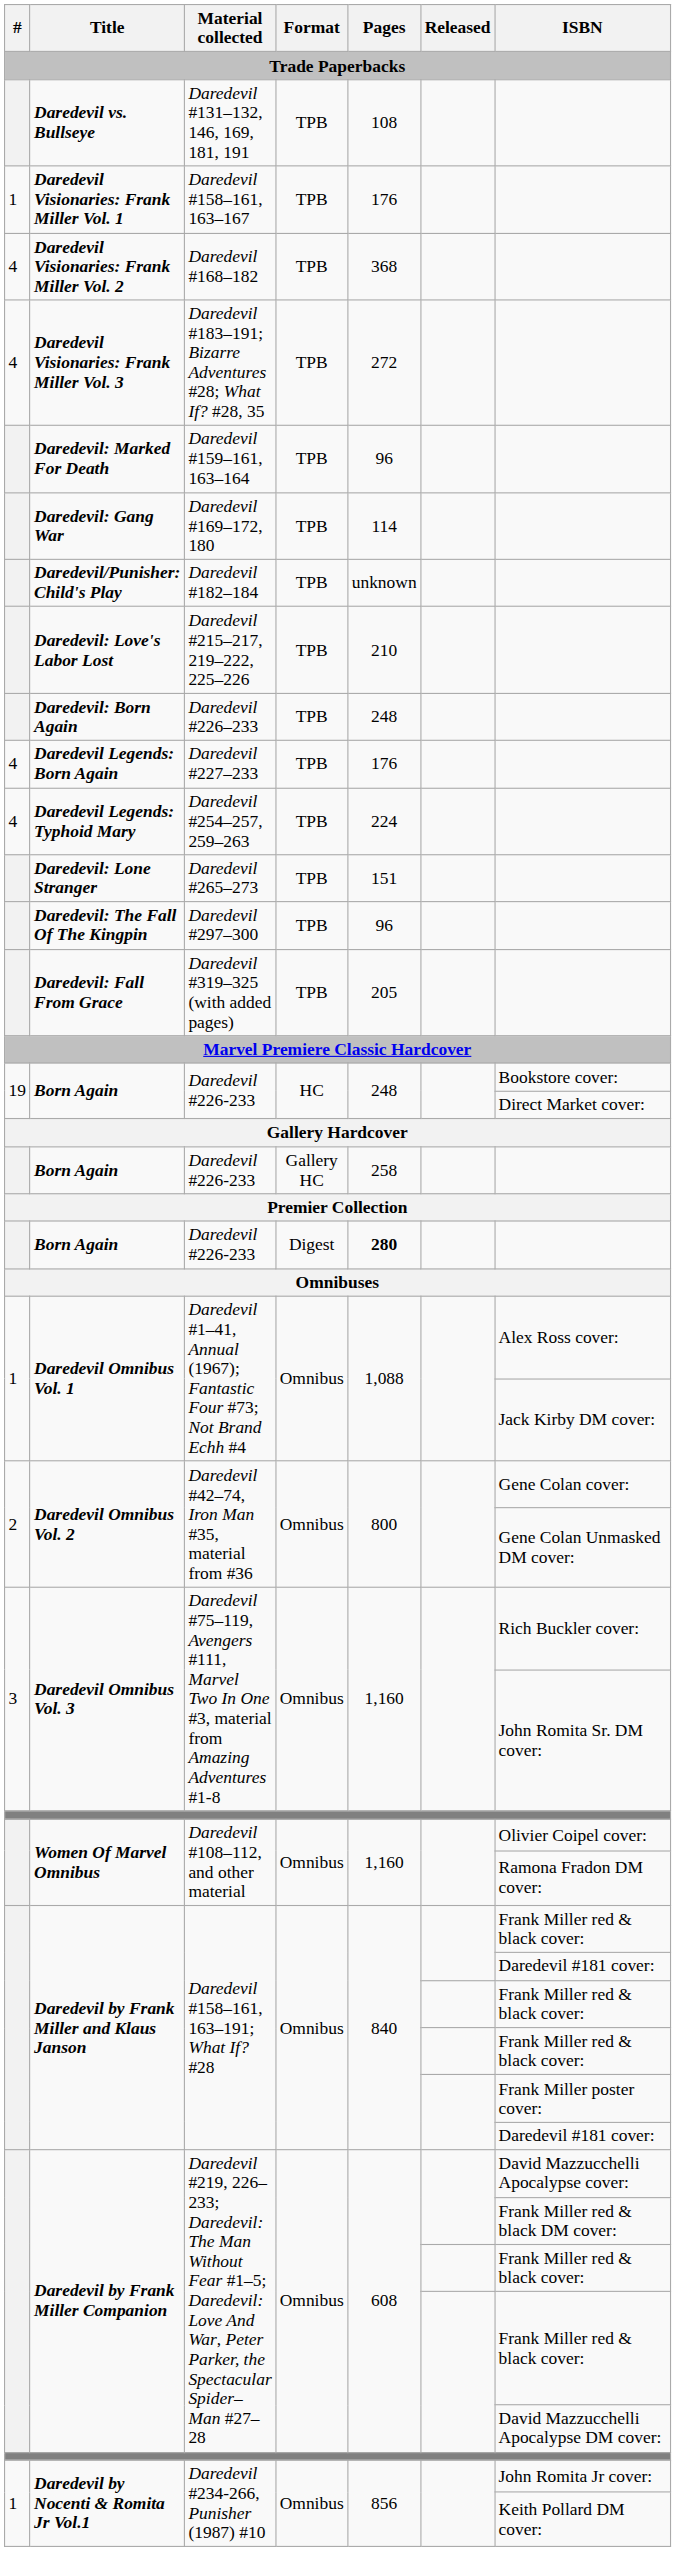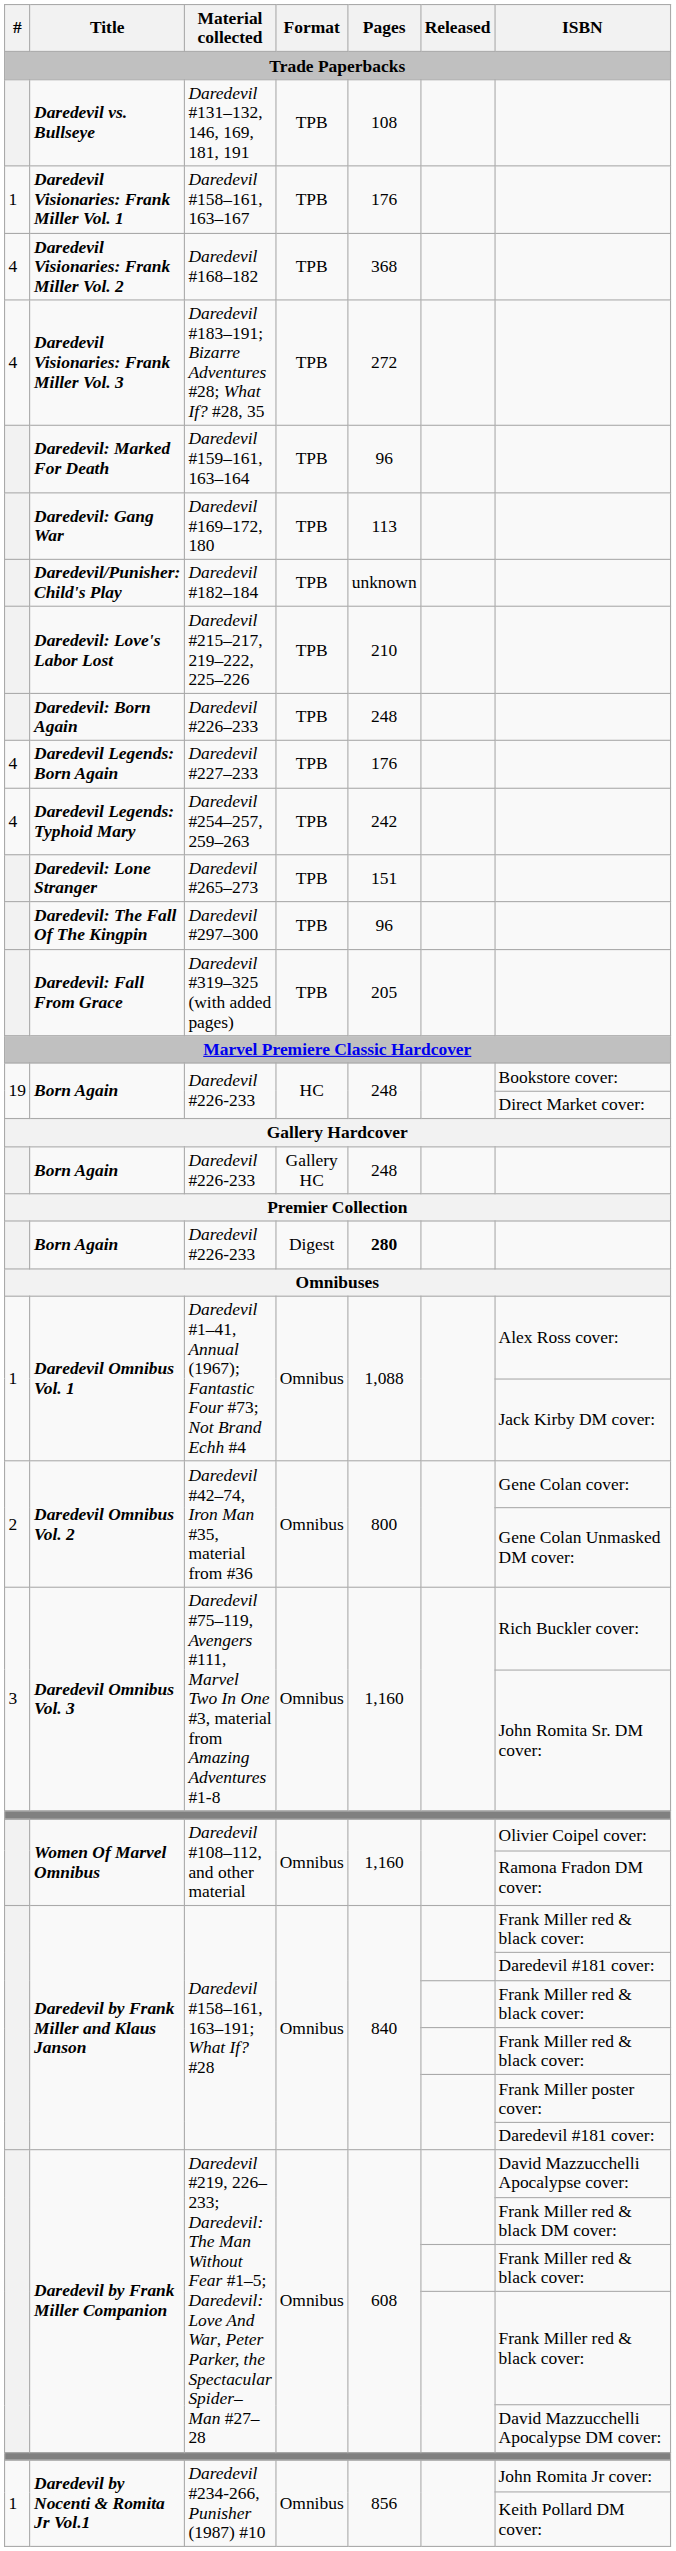 <table class="wikitable sortable" width=98%>
 <tr>
 <th width="4px">#</th>
 <th>Title</th>
 <th>Material collected</th>
 <th class="unsortable">Format</th>
 <th>Pages</th>
 <th>Released</th>
 <th class="unsortable" style="width: 10em;">ISBN</th>
 </tr>
 <tr>
 <th colspan=7 style="background-color: silver;">Trade Paperbacks</th>
 </tr>
 <tr>
 <th style="background-color: light grey;"></th>
 <td><strong><em>Daredevil vs. Bullseye</em></strong></td>
 <td><em>Daredevil</em> #131–132, 146, 169, 181, 191</td>
 <td style="text-align: center;">TPB</td>
 <td style="text-align: center;">108</td>
 <td></td>
 <td></td>
 </tr>
 <tr>
 <td>1</td>
 <td><strong><em>Daredevil Visionaries: Frank Miller Vol. 1</em></strong></td>
 <td><em>Daredevil</em> #158–161, 163–167</td>
 <td style="text-align: center;">TPB</td>
 <td style="text-align: center;">176</td>
 <td></td>
 <td></td>
 </tr>
 <tr>
 <td>4</td>
 <td><strong><em>Daredevil Visionaries: Frank Miller Vol. 2</em></strong></td>
 <td><em>Daredevil</em> #168–182</td>
 <td style="text-align: center;">TPB</td>
 <td style="text-align: center;">368</td>
 <td></td>
 <td></td>
 </tr>
 <tr>
 <td>4</td>
 <td><strong><em>Daredevil Visionaries: Frank Miller Vol. 3</em></strong></td>
 <td><em>Daredevil</em> #183–191; <em>Bizarre Adventures</em> #28; <em>What If?</em> #28, 35</td>
 <td style="text-align: center;">TPB</td>
 <td style="text-align: center;">272</td>
 <td></td>
 <td></td>
 </tr>
 <tr>
 <th style="background-color: light grey;"></th>
 <td><strong><em>Daredevil: Marked For Death</em></strong></td>
 <td><em>Daredevil</em> #159–161, 163–164</td>
 <td style="text-align: center;">TPB</td>
 <td style="text-align: center;">96</td>
 <td></td>
 <td></td>
 </tr>
 <tr>
 <th style="background-color: light grey;"></th>
 <td><strong><em>Daredevil: Gang War</em></strong></td>
 <td><em>Daredevil</em> #169–172, 180</td>
 <td style="text-align: center;">TPB</td>
-<td style="text-align: center;">114</td>
+<td style="text-align: center;">113</td>
 <td></td>
 <td></td>
 </tr>
 <tr>
 <th style="background-color: light grey;"></th>
 <td><strong><em>Daredevil/Punisher: Child's Play</em></strong></td>
 <td><em>Daredevil</em> #182–184</td>
 <td style="text-align: center;">TPB</td>
 <td style="text-align: center;">unknown</td>
 <td></td>
 <td></td>
 </tr>
 <tr>
 <th style="background-color: light grey;"></th>
 <td><strong><em>Daredevil: Love's Labor Lost</em></strong></td>
 <td><em>Daredevil</em> #215–217, 219–222, 225–226</td>
 <td style="text-align: center;">TPB</td>
 <td style="text-align: center;">210</td>
 <td></td>
 <td></td>
 </tr>
 <tr>
 <th style="background-color: light grey;"></th>
 <td><strong><em>Daredevil: Born Again</em></strong></td>
 <td><em>Daredevil</em> #226–233</td>
 <td style="text-align: center;">TPB</td>
 <td style="text-align: center;">248</td>
 <td></td>
 <td></td>
 </tr>
 <tr>
 <td>4</td>
 <td><strong><em>Daredevil Legends: Born Again</em></strong></td>
 <td><em>Daredevil</em> #227–233</td>
 <td style="text-align: center;">TPB</td>
 <td style="text-align: center;">176</td>
 <td></td>
 <td></td>
 </tr>
 <tr>
 <td>4</td>
 <td><strong><em>Daredevil Legends: Typhoid Mary</em></strong></td>
 <td><em>Daredevil</em> #254–257, 259–263</td>
 <td style="text-align: center;">TPB</td>
-<td style="text-align: center;">224</td>
+<td style="text-align: center;">242</td>
 <td></td>
 <td></td>
 </tr>
 <tr>
 <th style="background-color: light grey;"></th>
 <td><strong><em>Daredevil: Lone Stranger</em></strong></td>
 <td><em>Daredevil</em> #265–273</td>
 <td style="text-align: center;">TPB</td>
 <td style="text-align: center;">151</td>
 <td></td>
 <td></td>
 </tr>
 <tr>
 <th style="background-color: light grey;"></th>
 <td><strong><em>Daredevil: The Fall Of The Kingpin</em></strong></td>
 <td><em>Daredevil</em> #297–300</td>
 <td style="text-align: center;">TPB</td>
 <td style="text-align: center;">96</td>
 <td></td>
 <td></td>
 </tr>
 <tr>
 <th style="background-color: light grey;"></th>
 <td><strong><em>Daredevil: Fall From Grace</em></strong></td>
 <td><em>Daredevil</em> #319–325 (with added pages)</td>
 <td style="text-align: center;">TPB</td>
 <td style="text-align: center;">205</td>
 <td></td>
 <td></td>
 </tr>
 <tr>
 <th colspan=7 style="background-color: silver;"><a href='#'>Marvel Premiere Classic Hardcover</a></th>
 </tr>
 <tr>
 <td rowspan=2>19</td>
 <td rowspan=2><strong><em>Born Again</em></strong></td>
 <td rowspan=2><em>Daredevil</em> #226-233</td>
 <td rowspan=2 style="text-align: center;">HC</td>
 <td rowspan=2 style="text-align: center;">248</td>
 <td rowspan=2></td>
 <td>Bookstore cover: </td>
 </tr>
 <tr>
 <td>Direct Market cover: </td>
 </tr>
 <tr>
 <th colspan=7>Gallery Hardcover</th>
 </tr>
 <tr>
 <th style="background-color: light grey;"></th>
 <td><strong><em>Born Again</em></strong></td>
 <td><em>Daredevil</em> #226-233</td>
 <td style="text-align: center;">Gallery HC</td>
-<td style="text-align: center;">258</td>
+<td style="text-align: center;">248</td>
 <td></td>
 <td></td>
 </tr>
 <tr>
 <th colspan=7>Premier Collection</th>
 </tr>
 <tr>
 <th style="background-color: light grey;"></th>
 <td><strong><em>Born Again</em></strong></td>
 <td><em>Daredevil</em> #226-233</td>
 <td style="text-align: center;">Digest</td>
 <td style="text-align: center;"><strong>280</strong></td>
 <td></td>
 <td></td>
 </tr>
 <tr>
 <th colspan=7>Omnibuses</th>
 </tr>
 <tr>
 <td rowspan=2>1</td>
 <td rowspan=2><strong><em>Daredevil Omnibus Vol. 1</em></strong></td>
 <td rowspan=2><em>Daredevil</em> #1–41, <em>Annual</em> (1967); <em>Fantastic Four</em> #73; <em>Not Brand Echh</em> #4</td>
 <td rowspan=2 style="text-align: center;">Omnibus</td>
 <td rowspan=2 style="text-align: center;">1,088</td>
 <td rowspan=2></td>
 <td>Alex Ross cover: </td>
 </tr>
 <tr>
 <td>Jack Kirby DM cover: </td>
 </tr>
 <tr>
 <td rowspan=2>2</td>
 <td rowspan=2><strong><em>Daredevil Omnibus Vol. 2</em></strong></td>
 <td rowspan=2><em>Daredevil</em> #42–74, <em>Iron Man</em> #35, material from #36</td>
 <td rowspan=2 style="text-align: center;">Omnibus</td>
 <td rowspan=2 style="text-align: center;">800</td>
 <td rowspan=2></td>
 <td>Gene Colan cover: </td>
 </tr>
 <tr>
 <td>Gene Colan Unmasked DM cover: </td>
 </tr>
 <tr>
 <td rowspan=2>3</td>
 <td rowspan=2><strong><em>Daredevil Omnibus Vol. 3</em></strong></td>
 <td rowspan=2><em>Daredevil</em> #75–119, <em>Avengers</em> #111, <em>Marvel Two In One</em> #3, material from <em>Amazing Adventures</em> #1-8</td>
 <td rowspan=2 style="text-align: center;">Omnibus</td>
 <td rowspan=2 style="text-align: center;">1,160</td>
 <td rowspan=2></td>
 <td>Rich Buckler cover: </td>
 </tr>
 <tr>
 <td>John Romita Sr. DM cover: </td>
 </tr>
 <tr>
 <td colspan=7 style="background-color: grey;"></td>
 </tr>
 <tr>
 <th style="background-color: light grey;" rowspan=2></th>
 <td rowspan=2><strong><em>Women Of Marvel Omnibus</em></strong></td>
 <td rowspan=2><em>Daredevil</em> #108–112, and other material</td>
 <td rowspan=2 style="text-align: center;">Omnibus</td>
 <td rowspan=2 style="text-align: center;">1,160</td>
 <td rowspan=2></td>
 <td>Olivier Coipel cover: </td>
 </tr>
 <tr>
 <td>Ramona Fradon DM cover: </td>
 </tr>
 <tr>
 <th style="background-color: light grey;" rowspan=6></th>
 <td rowspan=6><strong><em>Daredevil by Frank Miller and Klaus Janson</em></strong></td>
 <td rowspan=6><em>Daredevil</em> #158–161, 163–191; <em>What If?</em> #28</td>
 <td rowspan=6 style="text-align: center;">Omnibus</td>
 <td rowspan=6 style="text-align: center;">840</td>
 <td rowspan=2></td>
 <td>Frank Miller red & black cover: </td>
 </tr>
 <tr>
 <td>Daredevil #181 cover: </td>
 </tr>
 <tr>
 <td></td>
 <td>Frank Miller red & black cover: </td>
 </tr>
 <tr>
 <td></td>
 <td>Frank Miller red & black cover: </td>
 </tr>
 <tr>
 <td rowspan=2></td>
 <td>Frank Miller poster cover: </td>
 </tr>
 <tr>
 <td>Daredevil #181 cover: </td>
 </tr>
 <tr>
 <th style="background-color: light grey;" rowspan=5></th>
 <td rowspan=5><strong><em>Daredevil by Frank Miller Companion</em></strong></td>
 <td rowspan=5><em>Daredevil</em> #219, 226–233; <em>Daredevil: The Man Without Fear</em> #1–5; <em>Daredevil: Love And War</em>, <em>Peter Parker, the Spectacular Spider–Man</em> #27–28</td>
 <td rowspan=5 style="text-align: center;">Omnibus</td>
 <td rowspan=5 style="text-align: center;">608</td>
 <td rowspan=2></td>
 <td>David Mazzucchelli Apocalypse cover: </td>
 </tr>
 <tr>
 <td>Frank Miller red & black DM cover: </td>
 </tr>
 <tr>
 <td></td>
 <td>Frank Miller red & black cover: </td>
 </tr>
 <tr>
 <td rowspan=2></td>
 <td>Frank Miller red & black cover: </td>
 </tr>
 <tr>
 <td>David Mazzucchelli Apocalypse DM cover: </td>
 </tr>
 <tr>
 <td colspan=7 style="background-color: grey;"></td>
 </tr>
 <tr>
 <td rowspan=2>1</td>
 <td rowspan=2><strong><em>Daredevil by Nocenti & Romita Jr Vol.1</em></strong></td>
 <td rowspan=2><em>Daredevil</em> #234-266, <em>Punisher</em> (1987) #10</td>
 <td rowspan=2 style="text-align: center;">Omnibus</td>
 <td rowspan=2 style="text-align: center;">856</td>
 <td rowspan=2></td>
 <td>John Romita Jr cover: </td>
 </tr>
 <tr>
 <td>Keith Pollard DM cover: </td>
 </tr>
 </table>
